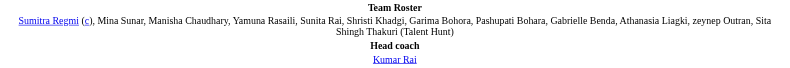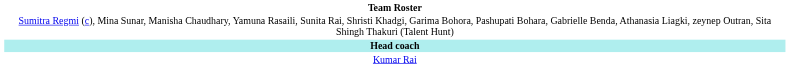 <table style="text-align: center; margin-top: 2em; margin-left: auto; margin-right: auto">
 <tr>
 <td><strong>Team Roster</strong></td>
 </tr>
 <tr>
 <td><a href='#'>Sumitra Regmi</a> (<a href='#'>c</a>), Mina Sunar,  Manisha Chaudhary, Yamuna Rasaili,  Sunita Rai, Shristi Khadgi, Garima Bohora, Pashupati Bohara, Gabrielle Benda, Athanasia Liagki,  zeynep Outran, Sita Shingh Thakuri (Talent Hunt)</td>
 </tr>
 <tr>
-<td><strong>Head coach</strong></td>
+<td style="background: paleturquoise;"><strong>Head coach</strong></td>
 </tr>
 <tr>
 <td><a href='#'>Kumar Rai</a></td>
 </tr>
 </table>
